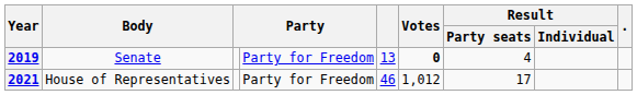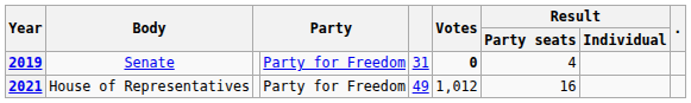 <table class="wikitable plainrowheaders sortable" border=2 cellpadding=4 cellspacing=0 style="border: 1px #aaa solid; font-size: 90%; text-align:center;">
 <tr>
 <th scope="col" rowspan=2>Year</th>
 <th scope="col" rowspan=2>Body</th>
 <th scope="col" colspan=2 rowspan=2>Party</th>
 <th scope="col" rowspan=2></th>
 <th scope="col" rowspan=2>Votes</th>
 <th scope="colgroup" colspan=2>Result</th>
 <th scope="col" rowspan=2 class="unsortable">.</th>
 </tr>
 <tr>
 <th scope="col">Party seats</th>
 <th scope="col">Individual</th>
 </tr>
 <tr>
 <th scope="row"><a href='#'>2019</a></th>
 <td><a href='#'>Senate</a></td>
 <td style="background-color:"></td>
 <td><a href='#'>Party for Freedom</a></td>
-<td style=text-align:right><a href='#'>13</a></td>
+<td style=text-align:right><a href='#'>31</a></td>
 <td style=text-align:right><strong>0</strong></td>
 <td style=text-align:right>4</td>
 <td></td>
 <td></td>
 </tr>
 <tr>
 <th scope="row"><a href='#'>2021</a></th>
 <td>House of Representatives</td>
 <td style="background-color:"></td>
 <td>Party for Freedom</td>
-<td style=text-align:right><a href='#'>46</a></td>
+<td style=text-align:right><a href='#'>49</a></td>
 <td style=text-align:right>1,012</td>
-<td style=text-align:right>17</td>
+<td style=text-align:right>16</td>
 <td></td>
 <td></td>
 </tr>
 </table>
